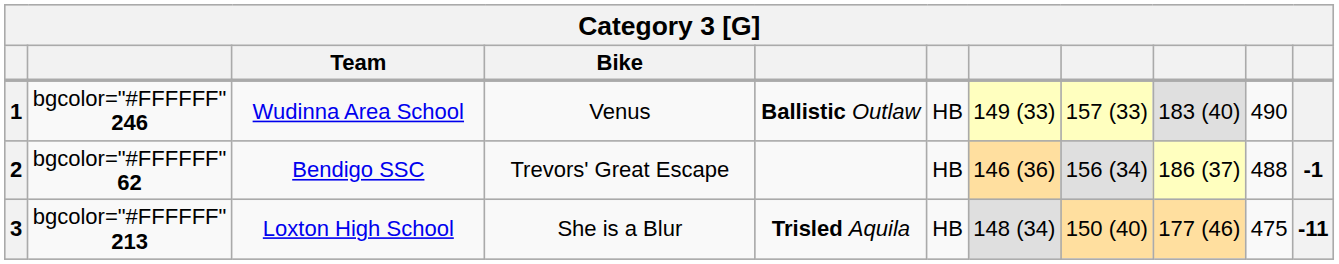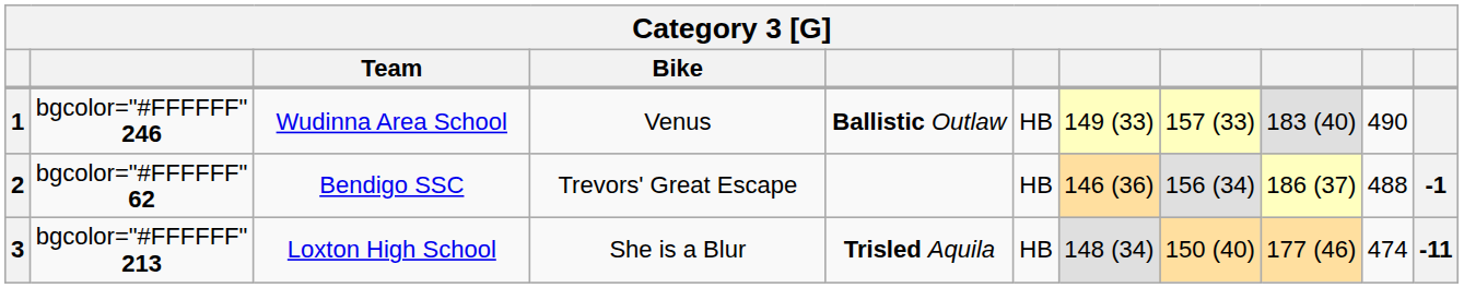 <table class="wikitable collapsible collapsed" style="font-size: 85%; text-align:center">
 <tr>
 <th colspan="11" width="500"><big>Category 3 [G]</big></th>
 </tr>
 <tr>
 <th valign="middle" width="5"></th>
 <th valign="middle" width="10"></th>
 <th valign="middle" width="150">Team</th>
 <th valign="middle" width="160">Bike</th>
 <th valign="middle" width="100"></th>
 <th valign="middle" width="6"></th>
 <th><a href='#'></a><br></th>
 <th><a href='#'></a><br></th>
 <th><a href='#'></a><br></th>
 <th valign="middle" width="4"></th>
 <th width="5" valign="middle"></th>
 </tr>
 <tr>
 </tr>
 <tr style="border-top:2px solid #aaaaaa">
 <th>1</th>
 <td>bgcolor="#FFFFFF" <strong>246</strong></td>
 <td> <a href='#'>Wudinna Area School</a></td>
 <td>Venus</td>
 <td><strong>Ballistic </strong> <em>Outlaw</em></td>
 <td valign="middle">HB</td>
 <td bgcolor="#FFFFBF">149 (33)</td>
 <td bgcolor="#FFFFBF">157 (33)</td>
 <td bgcolor="#dfdfdf">183 (40)</td>
 <td>490</td>
 <th></th>
 </tr>
 <tr>
 <th>2</th>
 <td>bgcolor="#FFFFFF" <strong>62</strong></td>
 <td> <a href='#'>Bendigo SSC</a></td>
 <td>Trevors' Great Escape</td>
 <td></td>
 <td valign="middle">HB</td>
 <td bgcolor="#ffdf9f">146 (36)</td>
 <td bgcolor="#dfdfdf">156 (34)</td>
 <td bgcolor="#FFFFBF">186 (37)</td>
 <td>488</td>
 <th>-1</th>
 </tr>
 <tr>
 <th>3</th>
 <td>bgcolor="#FFFFFF" <strong>213</strong></td>
 <td> <a href='#'>Loxton High School</a></td>
 <td>She is a Blur</td>
 <td><strong>Trisled</strong> <em>Aquila</em></td>
 <td valign="middle">HB</td>
 <td bgcolor="#dfdfdf">148 (34)</td>
 <td bgcolor="#ffdf9f">150 (40)</td>
 <td bgcolor="#ffdf9f">177 (46)</td>
-<td>475</td>
+<td>474</td>
 <th>-11</th>
 </tr>
 </table>
